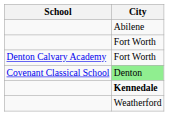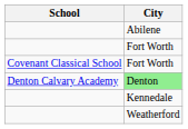 <table class="wikitable">
 <tr>
 <th>School</th>
 <th>City</th>
 </tr>
 <tr>
 <td></td>
 <td>Abilene</td>
 </tr>
 <tr>
 <td></td>
 <td>Fort Worth</td>
 </tr>
 <tr>
-<td><a href='#'>Denton Calvary Academy</a></td>
+<td><a href='#'>Covenant Classical School</a></td>
 <td>Fort Worth</td>
 </tr>
 <tr>
-<td><a href='#'>Covenant Classical School</a></td>
+<td><a href='#'>Denton Calvary Academy</a></td>
 <td style="background: lightgreen;">Denton</td>
 </tr>
 <tr>
 <td></td>
-<td><strong>Kennedale</strong></td>
+<td>Kennedale</td>
 </tr>
 <tr>
 <td></td>
 <td>Weatherford</td>
 </tr>
 </table>
